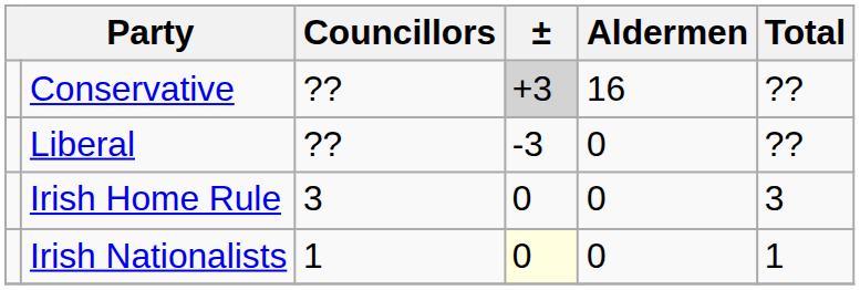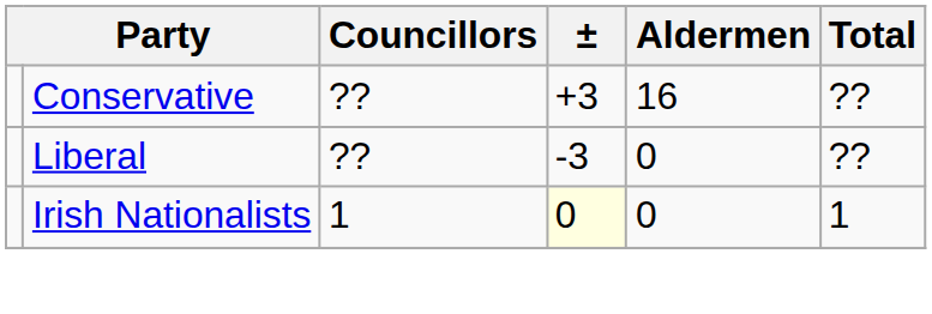 <table class="wikitable">
 <tr>
 <th colspan="2">Party</th>
 <th>Councillors</th>
 <th>  ±  </th>
 <th>Aldermen</th>
 <th>Total</th>
 </tr>
 <tr>
 <td style="background-color: "></td>
 <td><a href='#'>Conservative</a></td>
 <td>??</td>
-<td style="background: lightgrey;">+3</td>
+<td>+3</td>
 <td>16</td>
 <td>??</td>
 </tr>
 <tr>
 <td style="background-color: "></td>
 <td><a href='#'>Liberal</a></td>
 <td>??</td>
 <td>-3</td>
 <td>0</td>
 <td>??</td>
 </tr>
 <tr>
 <td style="background-color: "></td>
-<td><a href='#'>Irish Home Rule</a></td>
-<td>3</td>
-<td>0</td>
-<td>0</td>
-<td>3</td>
-</tr>
-<tr>
-<td style="background-color: "></td>
 <td><a href='#'>Irish Nationalists</a></td>
 <td>1</td>
 <td style="background: lightyellow;">0</td>
 <td>0</td>
 <td>1</td>
 </tr>
 <tr>
 </tr>
 </table>
